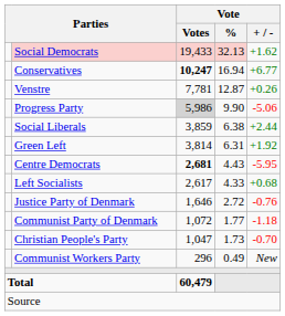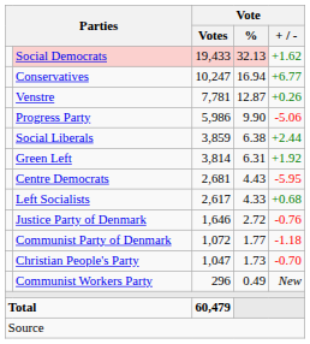 <table class="wikitable" style="text-align:right;">
 <tr>
 <th style="text-align:centre;" rowspan="2" colspan="2" width="225">Parties</th>
 <th colspan="3">Vote</th>
 </tr>
 <tr>
 <th width="15">Votes</th>
 <th width="15">%</th>
 <th width="15">+ / -</th>
 </tr>
 <tr>
 <td width="2" style="color:inherit;background:"></td>
 <td bgcolor=#fbd0ce  align="left"><a href='#'>Social Democrats</a></td>
 <td bgcolor=#fbd0ce>19,433</td>
 <td bgcolor=#fbd0ce>32.13</td>
 <td style=color:green;>+1.62</td>
 </tr>
 <tr>
 <td width="2" style="color:inherit;background:"></td>
 <td align="left"><a href='#'>Conservatives</a></td>
-<td><strong>10,247</strong></td>
+<td>10,247</td>
 <td>16.94</td>
 <td style=color:green;>+6.77</td>
 </tr>
 <tr>
 <td width="2" style="color:inherit;background:"></td>
 <td align="left"><a href='#'>Venstre</a></td>
 <td>7,781</td>
 <td>12.87</td>
 <td style=color:green;>+0.26</td>
 </tr>
 <tr>
 <td width="2" style="color:inherit;background:"></td>
 <td align="left"><a href='#'>Progress Party</a></td>
-<td style="background: lightgrey;">5,986</td>
+<td>5,986</td>
 <td>9.90</td>
 <td style=color:red;>-5.06</td>
 </tr>
 <tr>
 <td width="2" style="color:inherit;background:"></td>
 <td align="left"><a href='#'>Social Liberals</a></td>
 <td>3,859</td>
 <td>6.38</td>
 <td style=color:green;>+2.44</td>
 </tr>
 <tr>
 <td width="2" style="color:inherit;background:"></td>
 <td align="left"><a href='#'>Green Left</a></td>
 <td>3,814</td>
 <td>6.31</td>
 <td style=color:green;>+1.92</td>
 </tr>
 <tr>
 <td width="2" style="color:inherit;background:"></td>
 <td align="left"><a href='#'>Centre Democrats</a></td>
-<td><strong>2,681</strong></td>
+<td>2,681</td>
 <td>4.43</td>
 <td style=color:red;>-5.95</td>
 </tr>
 <tr>
 <td width="2" style="color:inherit;background:"></td>
 <td align="left"><a href='#'>Left Socialists</a></td>
 <td>2,617</td>
 <td>4.33</td>
 <td style=color:green;>+0.68</td>
 </tr>
 <tr>
 <td width="2" style="color:inherit;background:"></td>
 <td align="left"><a href='#'>Justice Party of Denmark</a></td>
 <td>1,646</td>
 <td>2.72</td>
 <td style=color:red;>-0.76</td>
 </tr>
 <tr>
 <td width="2" style="color:inherit;background:"></td>
 <td align="left"><a href='#'>Communist Party of Denmark</a></td>
 <td>1,072</td>
 <td>1.77</td>
 <td style=color:red;>-1.18</td>
 </tr>
 <tr>
 <td width="2" style="color:inherit;background:"></td>
 <td align="left"><a href='#'>Christian People's Party</a></td>
 <td>1,047</td>
 <td>1.73</td>
 <td style=color:red;>-0.70</td>
 </tr>
 <tr>
 <td width="2" style="color:inherit;background:"></td>
 <td align="left"><a href='#'>Communist Workers Party</a></td>
 <td>296</td>
 <td>0.49</td>
 <td><em>New</em></td>
 </tr>
 <tr>
 <td colspan="7" bgcolor="#E9E9E9"></td>
 </tr>
 <tr>
 <td align="left" colspan="2"><strong>Total</strong></td>
 <td><strong>60,479</strong></td>
 <td bgcolor="#E9E9E9" colspan="2"></td>
 </tr>
 <tr>
 <td align="left" colspan="6">Source</td>
 </tr>
 </table>
